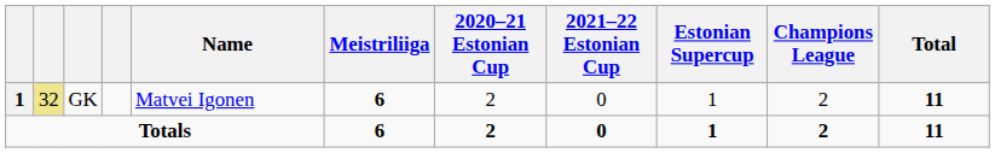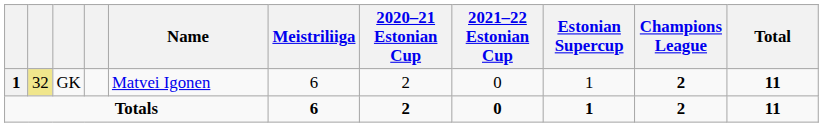 <table class="wikitable" style="text-align:center">
 <tr>
 <th width=15></th>
 <th width=15></th>
 <th width=15></th>
 <th width=15></th>
 <th width=145>Name</th>
 <th width=80><a href='#'>Meistriliiga</a></th>
 <th width=80><a href='#'>2020–21 Estonian Cup</a></th>
 <th width=80><a href='#'>2021–22 Estonian Cup</a></th>
 <th width=80><a href='#'>Estonian Supercup</a></th>
 <th width=80><a href='#'>Champions League</a></th>
 <th width=80>Total</th>
 </tr>
 <tr>
 <th rowspan=1>1</th>
 <td style="background: khaki;">32</td>
 <td>GK</td>
 <td></td>
 <td align=left><a href='#'>Matvei Igonen</a></td>
-<td><strong>6</strong></td>
+<td>6</td>
 <td>2</td>
 <td>0</td>
 <td>1</td>
-<td>2</td>
+<td><strong>2</strong></td>
 <td><strong>11</strong></td>
 </tr>
 <tr>
 <td colspan=5><strong>Totals</strong></td>
 <td><strong>6</strong></td>
 <td><strong>2</strong></td>
 <td><strong>0</strong></td>
 <td><strong>1</strong></td>
 <td><strong>2</strong></td>
 <td><strong>11</strong></td>
 </tr>
 </table>
